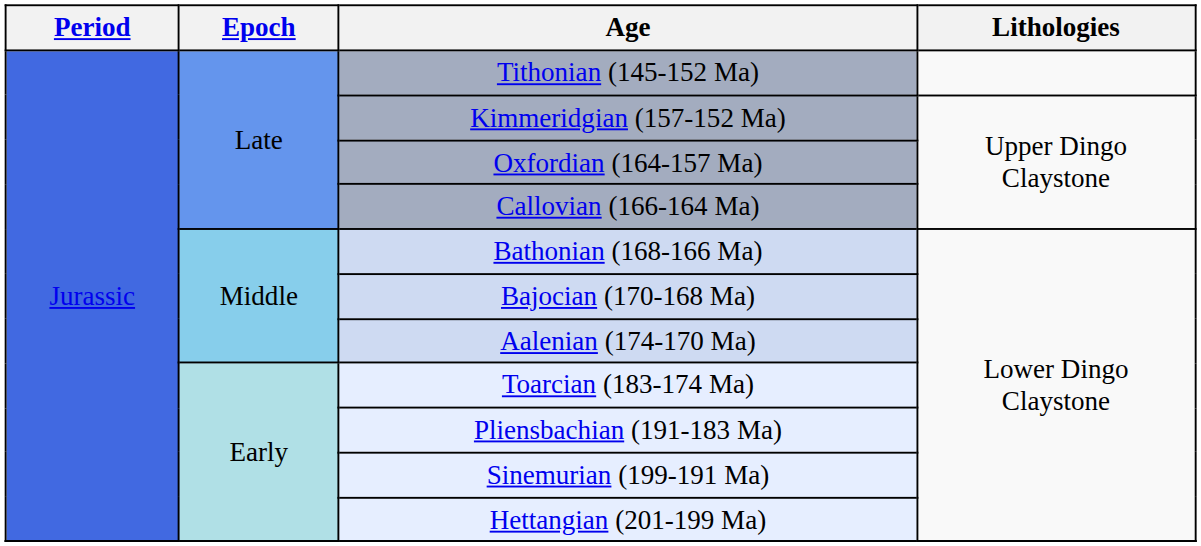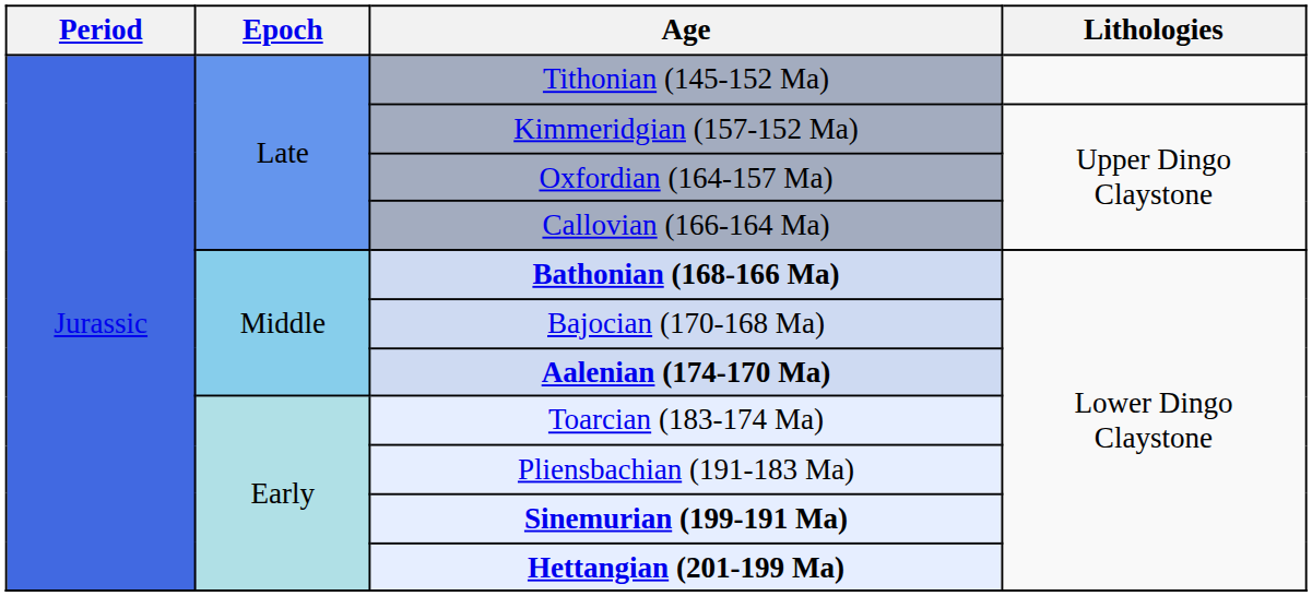 <table class="wikitable" align="right" style="width:40%; text-align:center; font-size:90%; border:1.5px solid black">
 <tr>
 <th style="border:1.5px solid black" align="center"><a href='#'>Period</a></th>
 <th style="border:1.5px solid black" align="center"><a href='#'>Epoch</a></th>
 <th style="border:1.5px solid black" align="center">Age</th>
 <th style="border:1.5px solid black" align="center">Lithologies</th>
 </tr>
 <tr>
 <td style="background:#4169E1; color:black; border:1.5px solid black" rowspan="11"><a href='#'>Jurassic</a></td>
 <td style="background:#6495ED; color:black; border:1.5px solid black" rowspan="4">Late</td>
 <td style="background:#A3ACBF; color:black; border:1.5px solid black"><a href='#'>Tithonian</a> (145-152 Ma)</td>
 <td style="border:1.5px solid black"></td>
 </tr>
 <tr>
 <td style="background:#A3ACBF; color:black; border:1.5px solid black"><a href='#'>Kimmeridgian</a> (157-152 Ma)</td>
 <td style="border:1.5px solid black" rowspan="3">Upper Dingo<br>Claystone</td>
 </tr>
 <tr>
 <td style="background:#A3ACBF; color:black; border:1.5px solid black"><a href='#'>Oxfordian</a> (164-157 Ma)</td>
 </tr>
 <tr>
 <td style="background:#A3ACBF; color:black; border:1.5px solid black"><a href='#'>Callovian</a> (166-164 Ma)</td>
 </tr>
 <tr>
 <td style="background:#87CEEB; color:black; border:1.5px solid black" rowspan="3">Middle</td>
-<td style="background:#CEDAF2; color:black; border:1.5px solid black"><a href='#'>Bathonian</a> (168-166 Ma)</td>
+<td style="background:#CEDAF2; color:black; border:1.5px solid black"><strong><a href='#'>Bathonian</a> (168-166 Ma)</strong></td>
 <td style="border:1.5px solid black" rowspan="7">Lower Dingo<br>Claystone</td>
 </tr>
 <tr>
 <td style="background:#CEDAF2; color:black; border:1.5px solid black"><a href='#'>Bajocian</a> (170-168 Ma)</td>
 </tr>
 <tr>
-<td style="background:#CEDAF2; color:black; border:1.5px solid black"><a href='#'>Aalenian</a> (174-170 Ma)</td>
+<td style="background:#CEDAF2; color:black; border:1.5px solid black"><strong><a href='#'>Aalenian</a> (174-170 Ma)</strong></td>
 </tr>
 <tr>
 <td style="background:#B0E0E6; color:black; border:1.5px solid black" rowspan="4">Early</td>
 <td style="background:#E6EEFF; color:black; border:1.5px solid black"><a href='#'>Toarcian</a> (183-174 Ma)</td>
 </tr>
 <tr>
 <td style="background:#E6EEFF; color:black; border:1.5px solid black"><a href='#'>Pliensbachian</a> (191-183 Ma)</td>
 </tr>
 <tr>
-<td style="background:#E6EEFF; color:black; border:1.5px solid black"><a href='#'>Sinemurian</a> (199-191 Ma)</td>
+<td style="background:#E6EEFF; color:black; border:1.5px solid black"><strong><a href='#'>Sinemurian</a> (199-191 Ma)</strong></td>
 </tr>
 <tr>
-<td style="background:#E6EEFF; color:black; border:1.5px solid black"><a href='#'>Hettangian</a> (201-199 Ma)</td>
+<td style="background:#E6EEFF; color:black; border:1.5px solid black"><strong><a href='#'>Hettangian</a> (201-199 Ma)</strong></td>
 </tr>
 <tr>
 </tr>
 </table>
